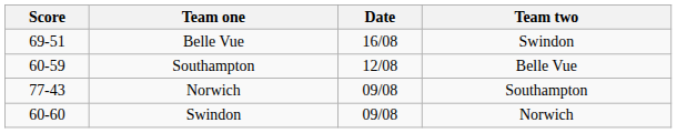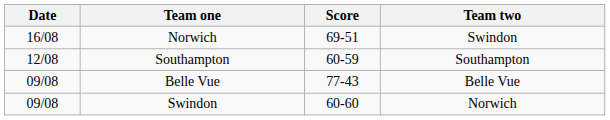 <table class="wikitable" style="text-align: center">
 <tr>
+<th width=80>Date</th>
+<th width=250>Team one</th>
 <th width=80>Score</th>
-<th width=250>Team one</th>
-<th width=80>Date</th>
 <th width=250>Team two</th>
 </tr>
 <tr>
+<td>16/08</td>
+<td>Norwich</td>
 <td>69-51</td>
-<td>Belle Vue</td>
-<td>16/08</td>
 <td>Swindon</td>
 </tr>
 <tr>
+<td>12/08</td>
+<td>Southampton</td>
 <td>60-59</td>
 <td>Southampton</td>
-<td>12/08</td>
+</tr>
+<tr>
+<td>09/08</td>
+<td>Belle Vue</td>
+<td>77-43</td>
 <td>Belle Vue</td>
 </tr>
 <tr>
-<td>77-43</td>
-<td>Norwich</td>
 <td>09/08</td>
-<td>Southampton</td>
-</tr>
-<tr>
+<td>Swindon</td>
 <td>60-60</td>
-<td>Swindon</td>
-<td>09/08</td>
 <td>Norwich</td>
 </tr>
 </table>
